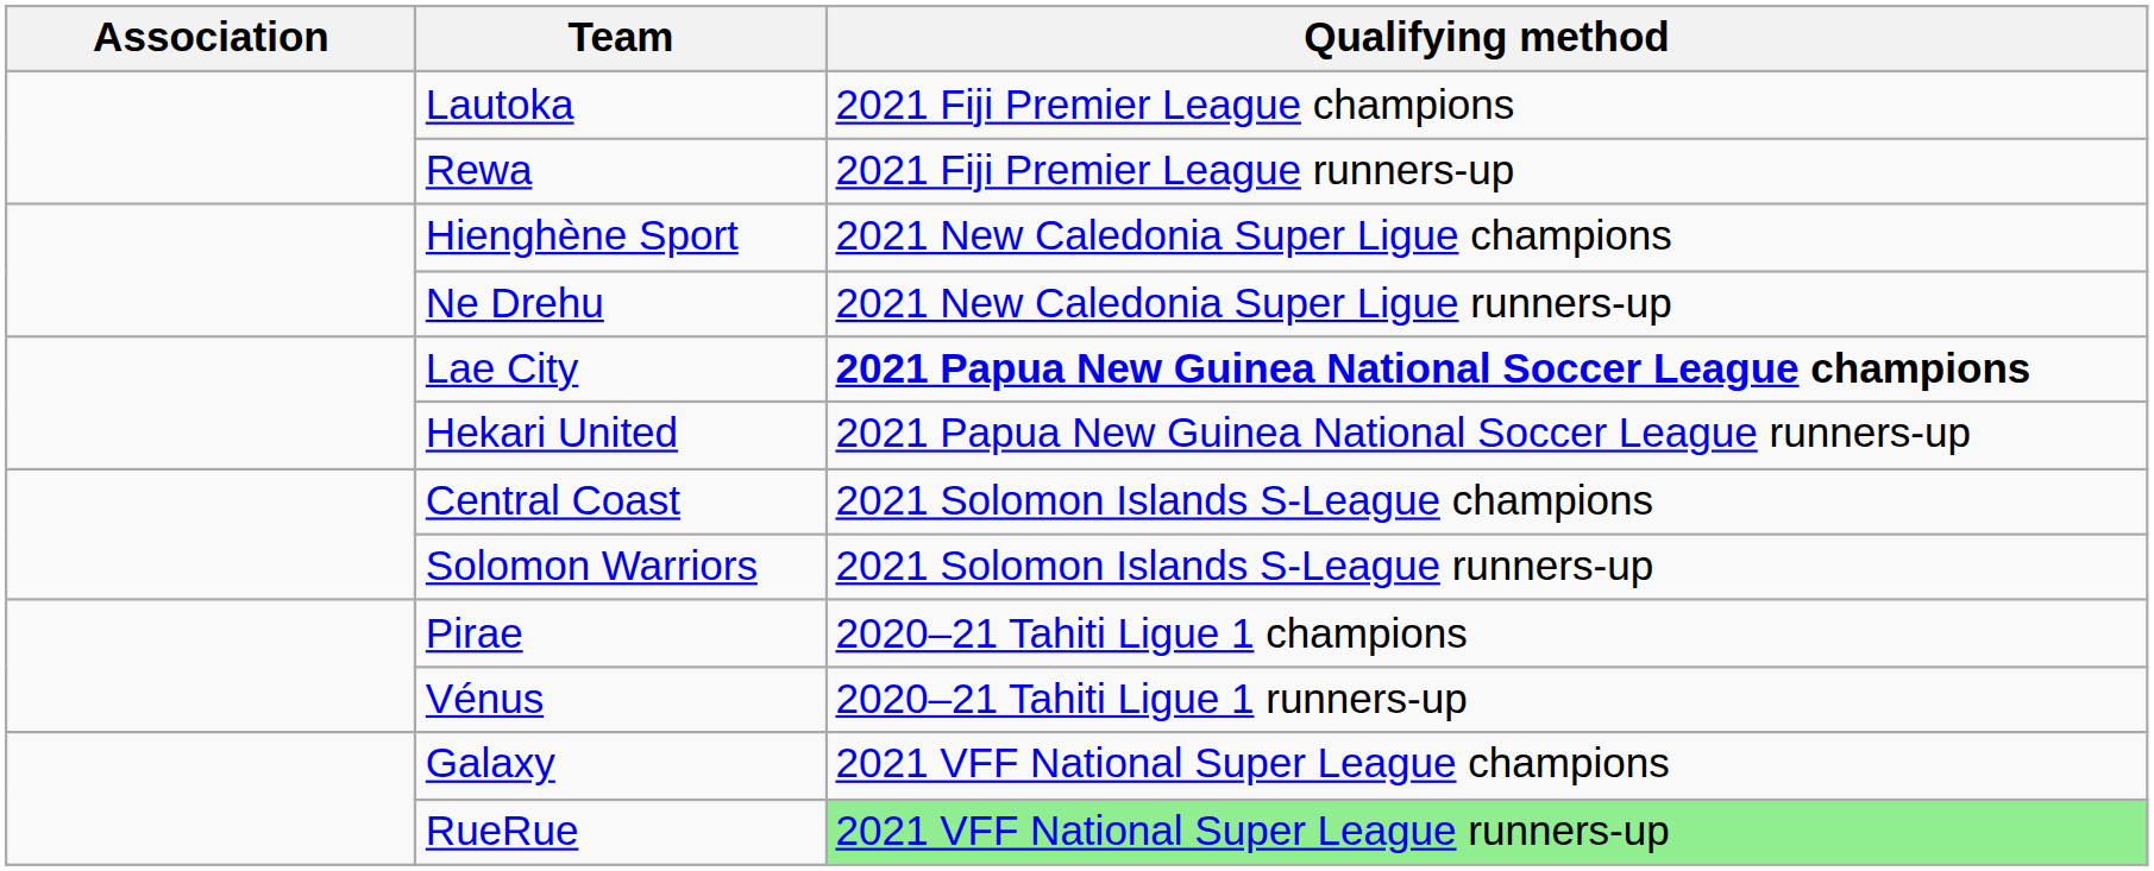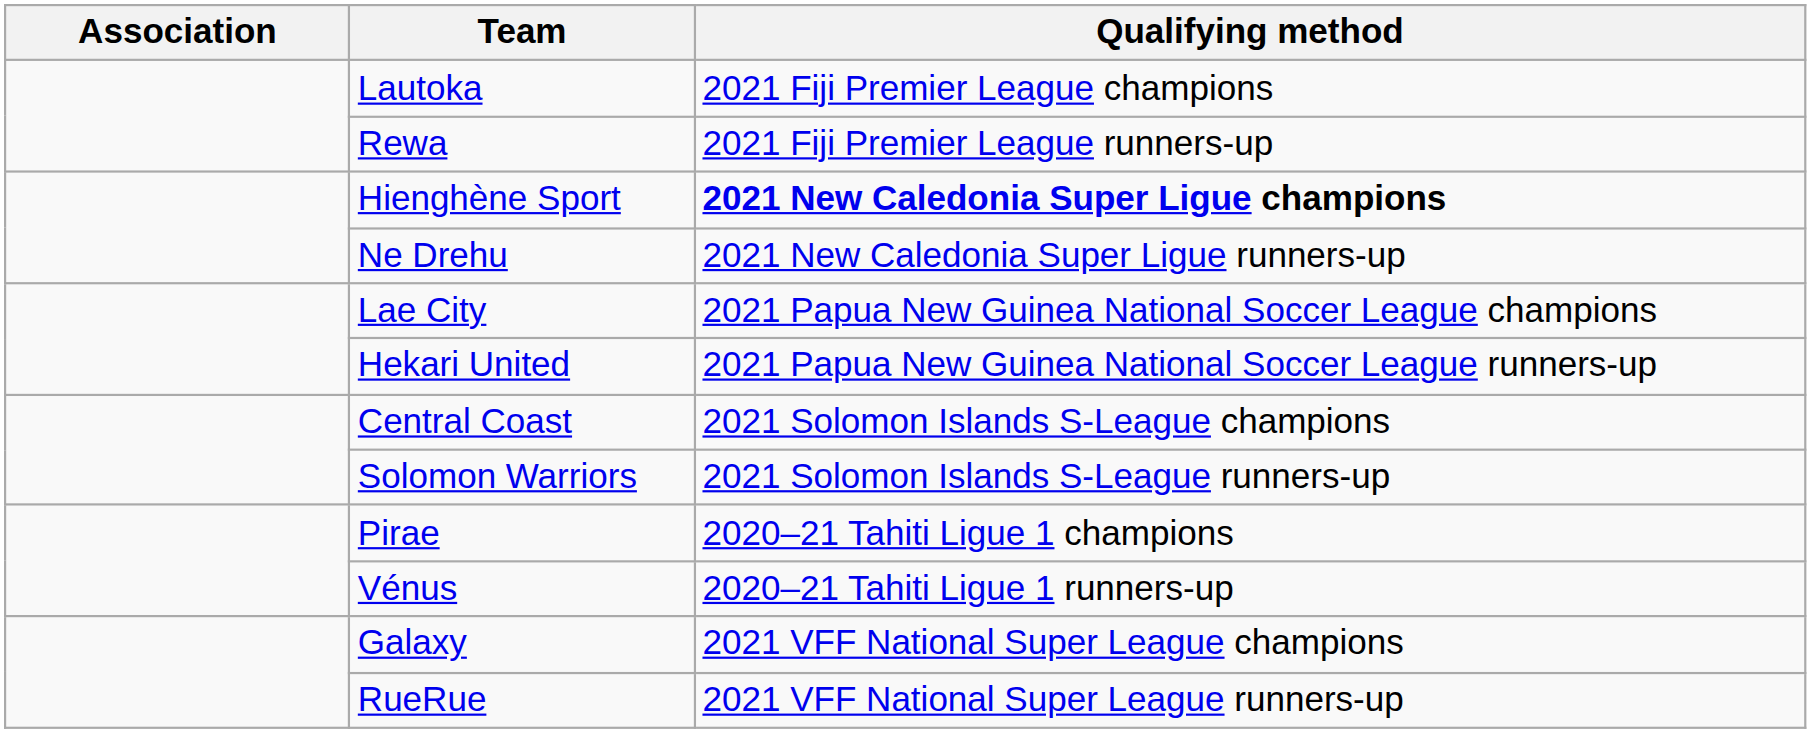 <table class="wikitable">
 <tr>
 <th width=150>Association</th>
 <th width=150>Team</th>
 <th width=500>Qualifying method</th>
 </tr>
 <tr>
 <td rowspan=2></td>
 <td><a href='#'>Lautoka</a></td>
 <td><a href='#'>2021 Fiji Premier League</a> champions</td>
 </tr>
 <tr>
 <td><a href='#'>Rewa</a></td>
 <td><a href='#'>2021 Fiji Premier League</a> runners-up</td>
 </tr>
 <tr>
 <td rowspan=2></td>
 <td><a href='#'>Hienghène Sport</a></td>
-<td><a href='#'>2021 New Caledonia Super Ligue</a> champions</td>
+<td><strong><a href='#'>2021 New Caledonia Super Ligue</a> champions</strong></td>
 </tr>
 <tr>
 <td><a href='#'>Ne Drehu</a></td>
 <td><a href='#'>2021 New Caledonia Super Ligue</a> runners-up</td>
 </tr>
 <tr>
 <td rowspan=2></td>
 <td><a href='#'>Lae City</a></td>
-<td><strong><a href='#'>2021 Papua New Guinea National Soccer League</a> champions</strong></td>
+<td><a href='#'>2021 Papua New Guinea National Soccer League</a> champions</td>
 </tr>
 <tr>
 <td><a href='#'>Hekari United</a></td>
 <td><a href='#'>2021 Papua New Guinea National Soccer League</a> runners-up</td>
 </tr>
 <tr>
 <td rowspan=2></td>
 <td><a href='#'>Central Coast</a></td>
 <td><a href='#'>2021 Solomon Islands S-League</a> champions</td>
 </tr>
 <tr>
 <td><a href='#'>Solomon Warriors</a></td>
 <td><a href='#'>2021 Solomon Islands S-League</a> runners-up</td>
 </tr>
 <tr>
 <td rowspan=2></td>
 <td><a href='#'>Pirae</a></td>
 <td><a href='#'>2020–21 Tahiti Ligue 1</a> champions</td>
 </tr>
 <tr>
 <td><a href='#'>Vénus</a></td>
 <td><a href='#'>2020–21 Tahiti Ligue 1</a> runners-up</td>
 </tr>
 <tr>
 <td rowspan=2></td>
 <td><a href='#'>Galaxy</a></td>
 <td><a href='#'>2021 VFF National Super League</a> champions</td>
 </tr>
 <tr>
 <td><a href='#'>RueRue</a></td>
-<td style="background: lightgreen;"><a href='#'>2021 VFF National Super League</a> runners-up</td>
+<td><a href='#'>2021 VFF National Super League</a> runners-up</td>
 </tr>
 </table>
